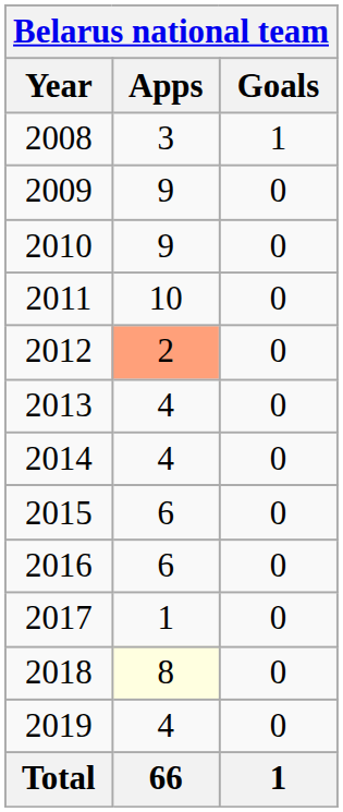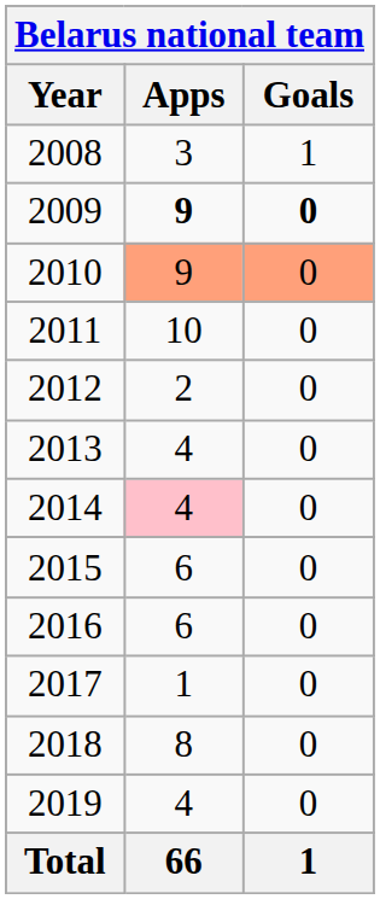 <table class="wikitable" style="text-align:center">
 <tr>
 <th colspan=3><a href='#'>Belarus national team</a></th>
 </tr>
 <tr>
 <th>Year</th>
 <th>Apps</th>
 <th>Goals</th>
 </tr>
 <tr>
 <td>2008</td>
 <td>3</td>
 <td>1</td>
 </tr>
 <tr>
 <td>2009</td>
-<td>9</td>
-<td>0</td>
+<td><strong>9</strong></td>
+<td><strong>0</strong></td>
 </tr>
 <tr>
 <td>2010</td>
-<td>9</td>
-<td>0</td>
+<td style="background: lightsalmon;">9</td>
+<td style="background: lightsalmon;">0</td>
 </tr>
 <tr>
 <td>2011</td>
 <td>10</td>
 <td>0</td>
 </tr>
 <tr>
 <td>2012</td>
-<td style="background: lightsalmon;">2</td>
+<td>2</td>
 <td>0</td>
 </tr>
 <tr>
 <td>2013</td>
 <td>4</td>
 <td>0</td>
 </tr>
 <tr>
 <td>2014</td>
-<td>4</td>
+<td style="background: pink;">4</td>
 <td>0</td>
 </tr>
 <tr>
 <td>2015</td>
 <td>6</td>
 <td>0</td>
 </tr>
 <tr>
 <td>2016</td>
 <td>6</td>
 <td>0</td>
 </tr>
 <tr>
 <td>2017</td>
 <td>1</td>
 <td>0</td>
 </tr>
 <tr>
 <td>2018</td>
-<td style="background: lightyellow;">8</td>
+<td>8</td>
 <td>0</td>
 </tr>
 <tr>
 <td>2019</td>
 <td>4</td>
 <td>0</td>
 </tr>
 <tr>
 <th>Total</th>
 <th>66</th>
 <th>1</th>
 </tr>
 </table>
